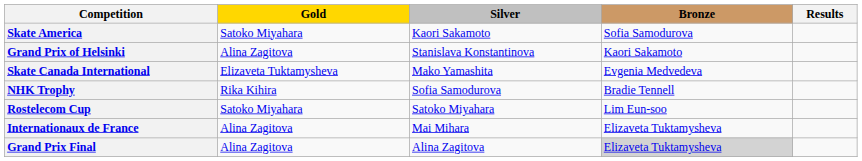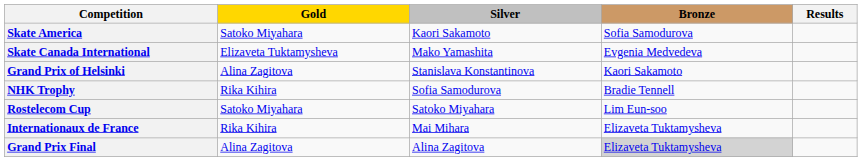 <table class="wikitable unsortable" style="text-align:left; width:90%">
 <tr>
 <th scope="col" style="text-align:center; width:25%;">Competition</th>
 <td scope="col" style="text-align:center; width:22.5%; background:gold"><strong>Gold</strong></td>
 <td scope="col" style="text-align:center; width:22.5%; background:silver"><strong>Silver</strong></td>
 <td scope="col" style="text-align:center; width:22.5%; background:#c96"><strong>Bronze</strong></td>
 <th scope="col" style="text-align:center; width:7.5%;">Results</th>
 </tr>
 <tr>
 <th scope="row" style="text-align:left"> <a href='#'>Skate America</a></th>
 <td> <a href='#'>Satoko Miyahara</a></td>
 <td> <a href='#'>Kaori Sakamoto</a></td>
 <td> <a href='#'>Sofia Samodurova</a></td>
 <td></td>
 </tr>
 <tr>
+<th scope="row" style="text-align:left"> <a href='#'>Skate Canada International</a></th>
+<td> <a href='#'>Elizaveta Tuktamysheva</a></td>
+<td> <a href='#'>Mako Yamashita</a></td>
+<td> <a href='#'>Evgenia Medvedeva</a></td>
+<td></td>
+</tr>
+<tr>
 <th scope="row" style="text-align:left"> <a href='#'>Grand Prix of Helsinki</a></th>
 <td> <a href='#'>Alina Zagitova</a></td>
 <td> <a href='#'>Stanislava Konstantinova</a></td>
 <td> <a href='#'>Kaori Sakamoto</a></td>
-<td></td>
-</tr>
-<tr>
-<th scope="row" style="text-align:left"> <a href='#'>Skate Canada International</a></th>
-<td> <a href='#'>Elizaveta Tuktamysheva</a></td>
-<td> <a href='#'>Mako Yamashita</a></td>
-<td> <a href='#'>Evgenia Medvedeva</a></td>
 <td></td>
 </tr>
 <tr>
 <th scope="row" style="text-align:left"> <a href='#'>NHK Trophy</a></th>
 <td> <a href='#'>Rika Kihira</a></td>
 <td> <a href='#'>Sofia Samodurova</a></td>
 <td> <a href='#'>Bradie Tennell</a></td>
 <td></td>
 </tr>
 <tr>
 <th scope="row" style="text-align:left"> <a href='#'>Rostelecom Cup</a></th>
 <td> <a href='#'>Satoko Miyahara</a></td>
 <td> <a href='#'>Satoko Miyahara</a></td>
 <td> <a href='#'>Lim Eun-soo</a></td>
 <td></td>
 </tr>
 <tr>
 <th scope="row" style="text-align:left"> <a href='#'>Internationaux de France</a></th>
-<td> <a href='#'>Alina Zagitova</a></td>
+<td> <a href='#'>Rika Kihira</a></td>
 <td> <a href='#'>Mai Mihara</a></td>
 <td> <a href='#'>Elizaveta Tuktamysheva</a></td>
 <td></td>
 </tr>
 <tr>
 <th scope="row" style="text-align:left"> <a href='#'>Grand Prix Final</a></th>
 <td> <a href='#'>Alina Zagitova</a></td>
 <td> <a href='#'>Alina Zagitova</a></td>
 <td style="background: lightgrey;"> <a href='#'>Elizaveta Tuktamysheva</a></td>
 <td></td>
 </tr>
 </table>
